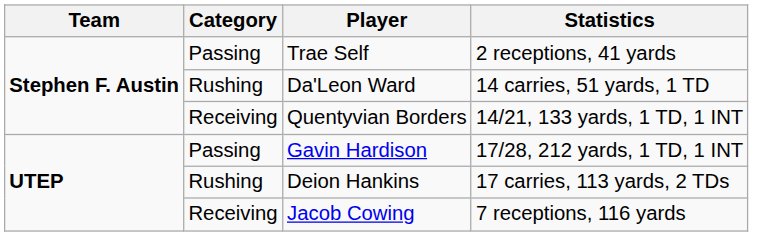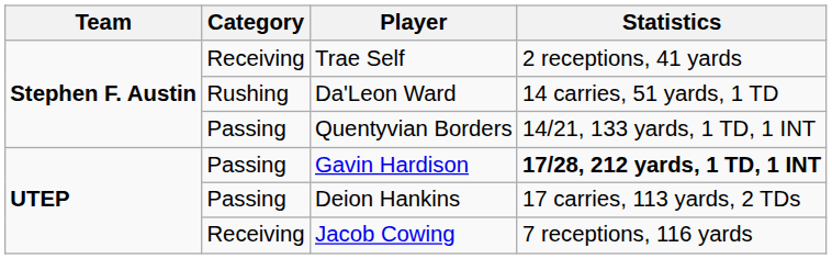 <table class="wikitable" style="float: left;">
 <tr>
 <th>Team</th>
 <th>Category</th>
 <th>Player</th>
 <th>Statistics</th>
 </tr>
 <tr>
 <td rowspan=3><strong>Stephen F. Austin</strong></td>
-<td>Passing</td>
+<td>Receiving</td>
 <td>Trae Self</td>
 <td>2 receptions, 41 yards</td>
 </tr>
 <tr>
 <td>Rushing</td>
 <td>Da'Leon Ward</td>
 <td>14 carries, 51 yards, 1 TD</td>
 </tr>
 <tr>
-<td>Receiving</td>
+<td>Passing</td>
 <td>Quentyvian Borders</td>
 <td>14/21, 133 yards, 1 TD, 1 INT</td>
 </tr>
 <tr>
 <td rowspan=3><strong>UTEP</strong></td>
 <td>Passing</td>
 <td><a href='#'>Gavin Hardison</a></td>
-<td>17/28, 212 yards, 1 TD, 1 INT</td>
+<td><strong>17/28, 212 yards, 1 TD, 1 INT</strong></td>
 </tr>
 <tr>
-<td>Rushing</td>
+<td>Passing</td>
 <td>Deion Hankins</td>
 <td>17 carries, 113 yards, 2 TDs</td>
 </tr>
 <tr>
 <td>Receiving</td>
 <td><a href='#'>Jacob Cowing</a></td>
 <td>7 receptions, 116 yards</td>
 </tr>
 </table>
